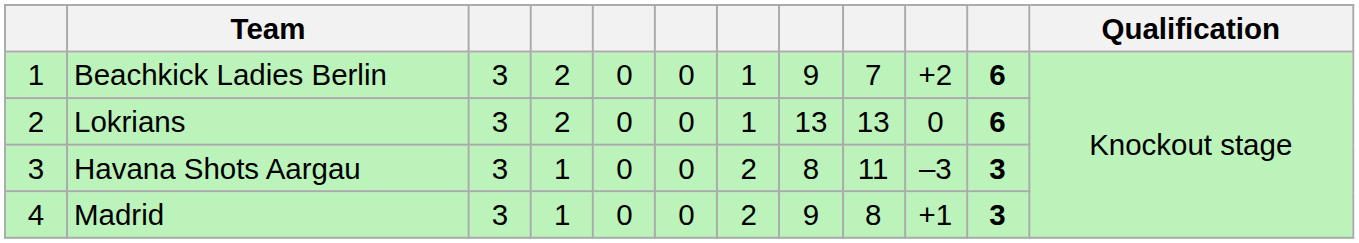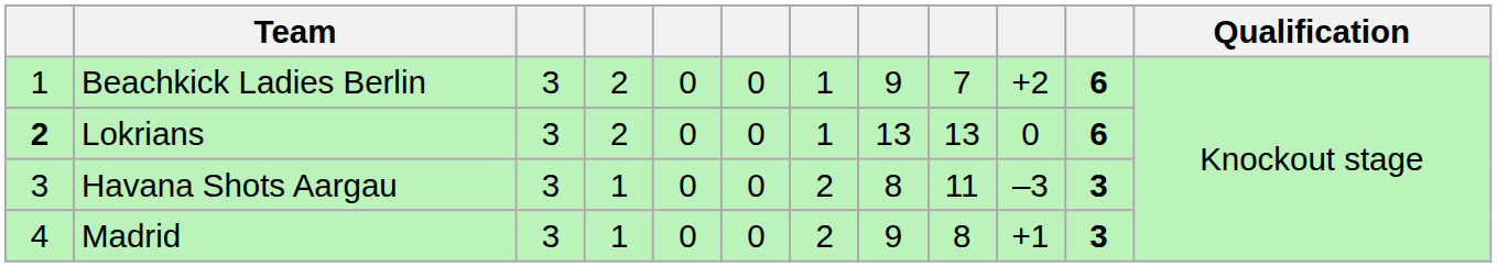 <table class="wikitable" style="font-size: 95%">
 <tr>
 <th width="25"></th>
 <th width="200">Team</th>
 <th width="25"></th>
 <th width="25"></th>
 <th width="25"></th>
 <th width="25"></th>
 <th width="25"></th>
 <th width="25"></th>
 <th width="25"></th>
 <th width="25"></th>
 <th width="25"></th>
 <th width="160">Qualification</th>
 </tr>
 <tr align=center bgcolor=#bbf3bb>
 <td>1</td>
 <td align=left> Beachkick Ladies Berlin</td>
 <td>3</td>
 <td>2</td>
 <td>0</td>
 <td>0</td>
 <td>1</td>
 <td>9</td>
 <td>7</td>
 <td>+2</td>
 <td><strong>6</strong></td>
 <td rowspan=4>Knockout stage</td>
 </tr>
 <tr align=center bgcolor=#bbf3bb>
-<td>2</td>
+<td><strong>2</strong></td>
 <td align=left> Lokrians</td>
 <td>3</td>
 <td>2</td>
 <td>0</td>
 <td>0</td>
 <td>1</td>
 <td>13</td>
 <td>13</td>
 <td>0</td>
 <td><strong>6</strong></td>
 </tr>
 <tr align=center bgcolor=#bbf3bb>
 <td>3</td>
 <td align=left> Havana Shots Aargau</td>
 <td>3</td>
 <td>1</td>
 <td>0</td>
 <td>0</td>
 <td>2</td>
 <td>8</td>
 <td>11</td>
 <td>–3</td>
 <td><strong>3</strong></td>
 </tr>
 <tr align=center bgcolor=#bbf3bb>
 <td>4</td>
 <td align=left> Madrid</td>
 <td>3</td>
 <td>1</td>
 <td>0</td>
 <td>0</td>
 <td>2</td>
 <td>9</td>
 <td>8</td>
 <td>+1</td>
 <td><strong>3</strong></td>
 </tr>
 </table>
